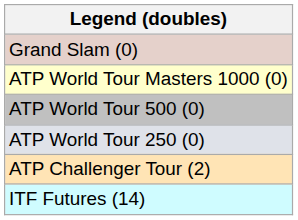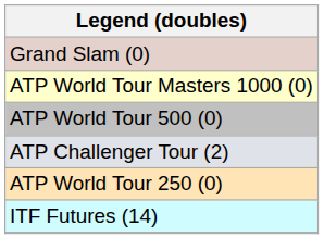 <table class="wikitable">
 <tr>
 <th>Legend (doubles)</th>
 </tr>
 <tr style="background:#e5d1cb;">
 <td>Grand Slam (0)</td>
 </tr>
 <tr style="background:#ffc;">
 <td>ATP World Tour Masters 1000 (0)</td>
 </tr>
 <tr style="background:silver;">
 <td>ATP World Tour 500 (0)</td>
 </tr>
 <tr style="background:#dfe2e9;">
-<td>ATP World Tour 250 (0)</td>
+<td>ATP Challenger Tour (2)</td>
 </tr>
 <tr style="background:moccasin;">
-<td>ATP Challenger Tour (2)</td>
+<td>ATP World Tour 250 (0)</td>
 </tr>
 <tr style="background:#cffcff;">
 <td>ITF Futures (14)</td>
 </tr>
 </table>
